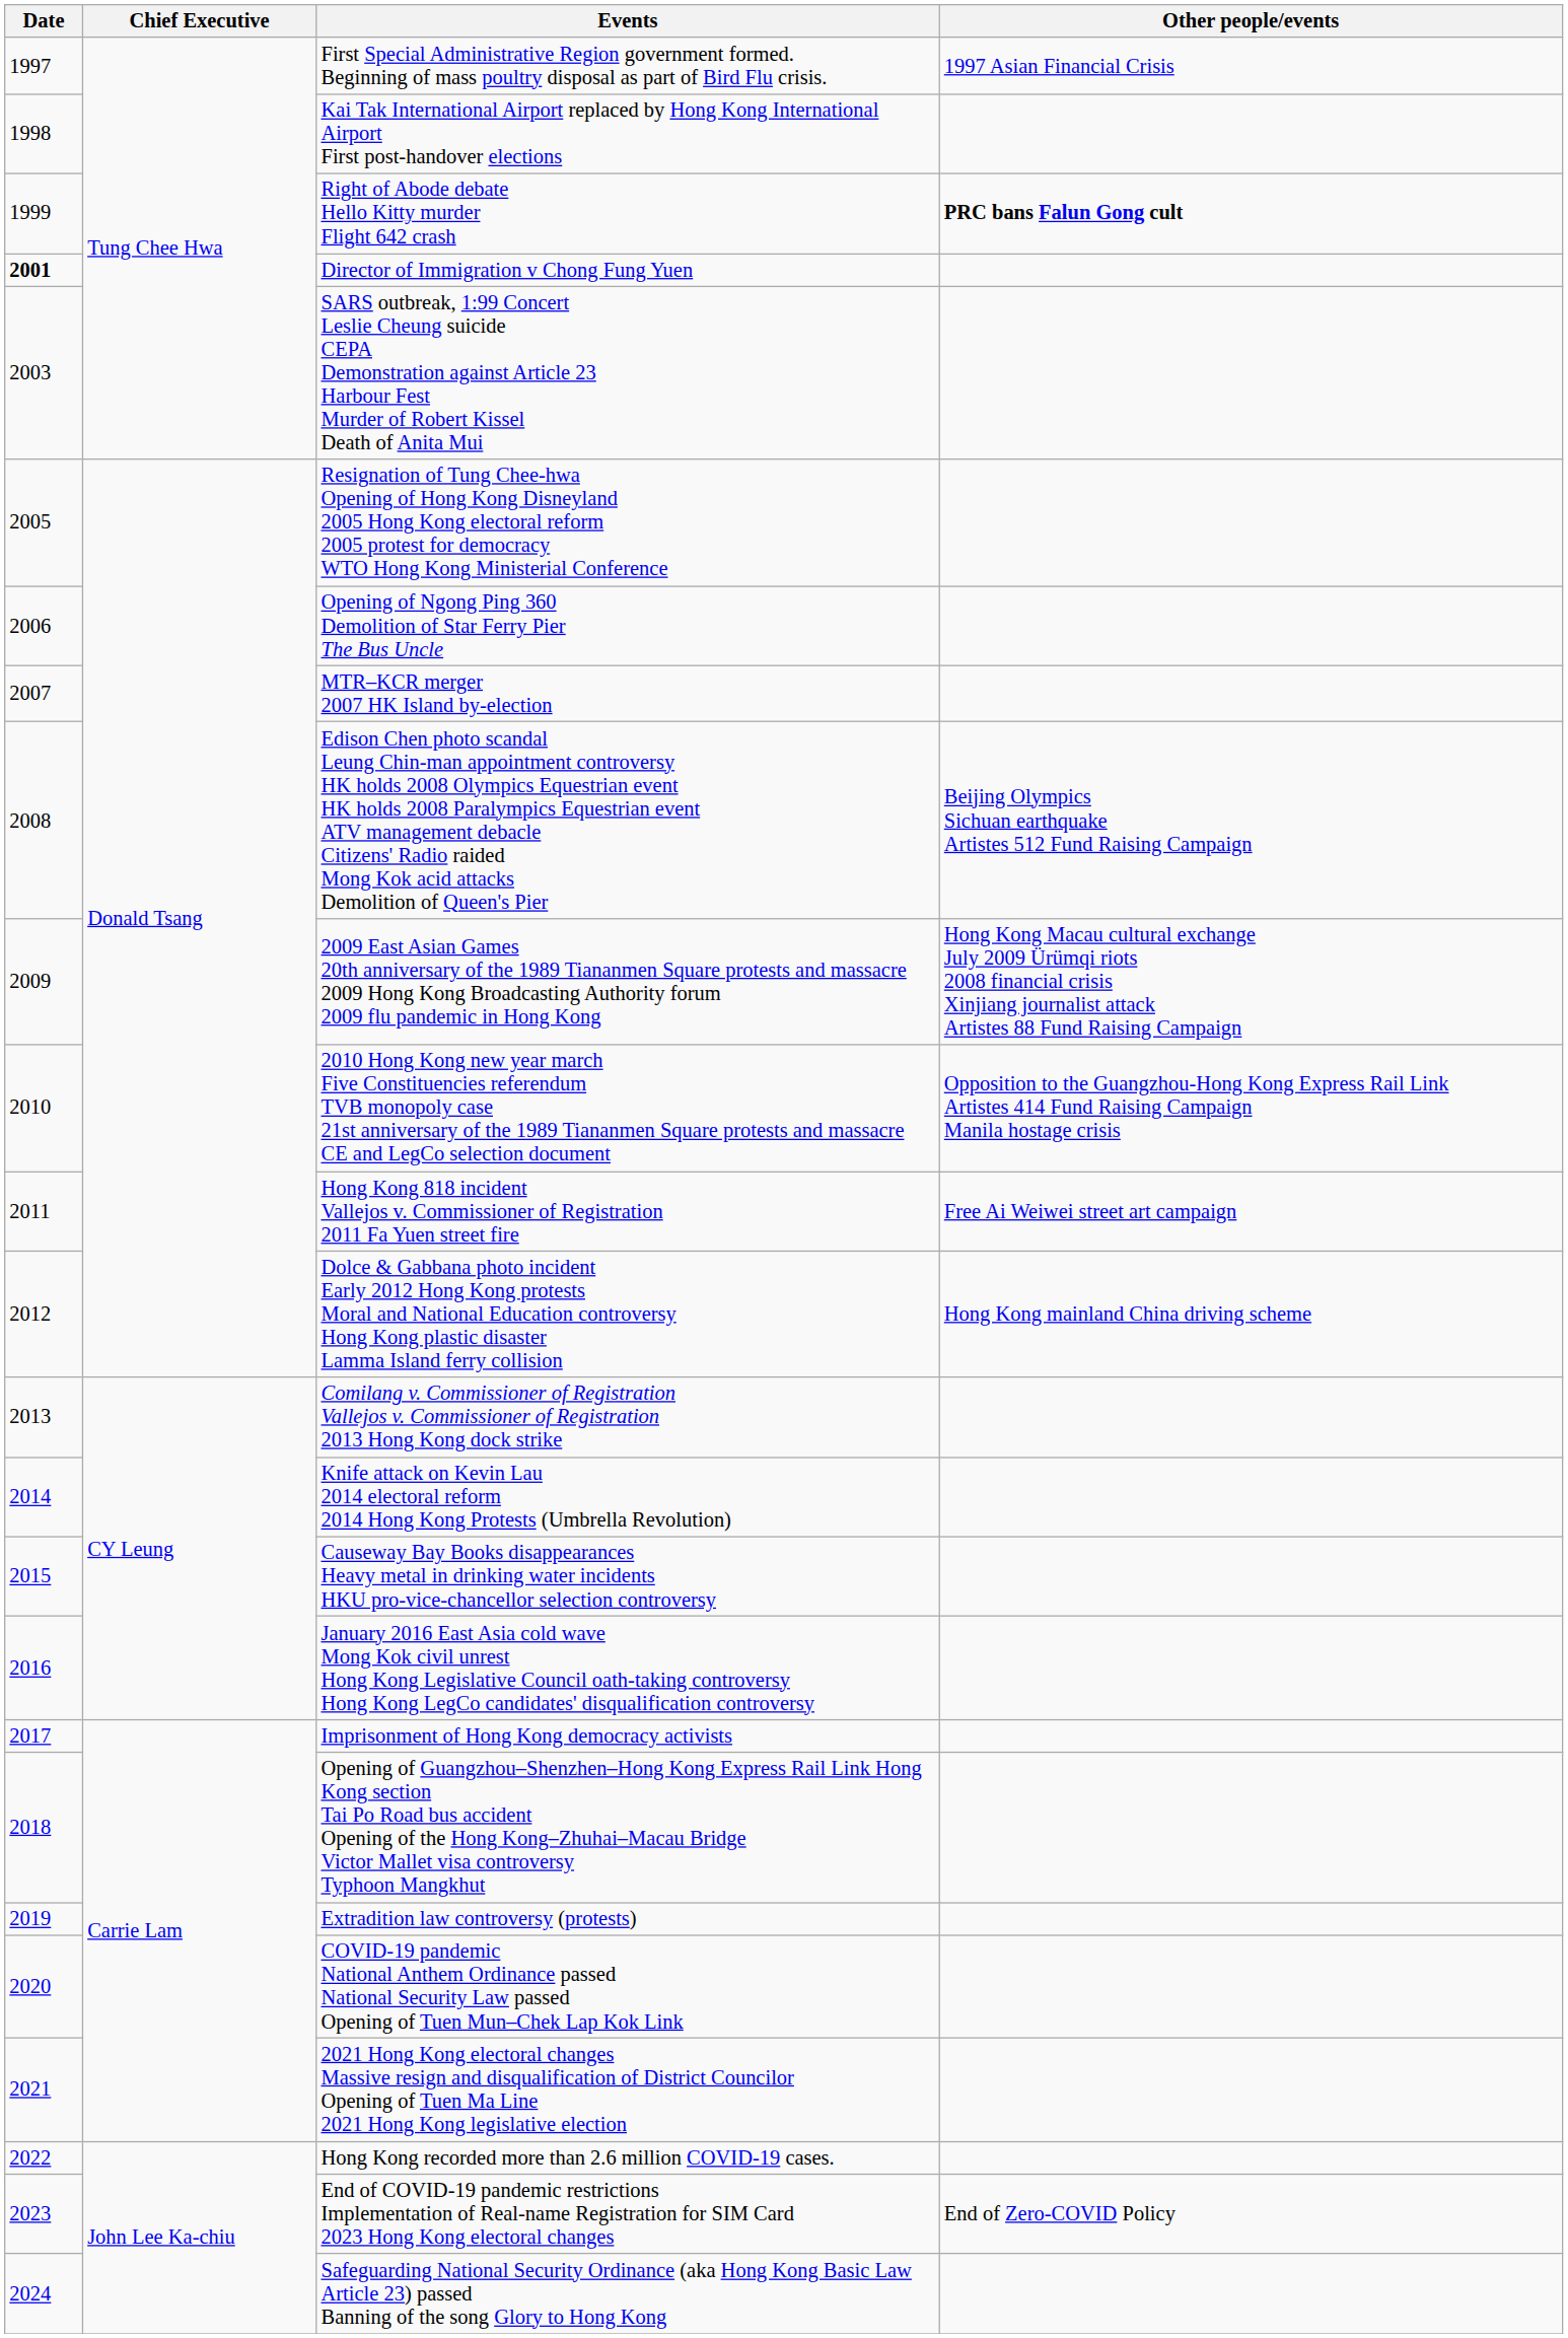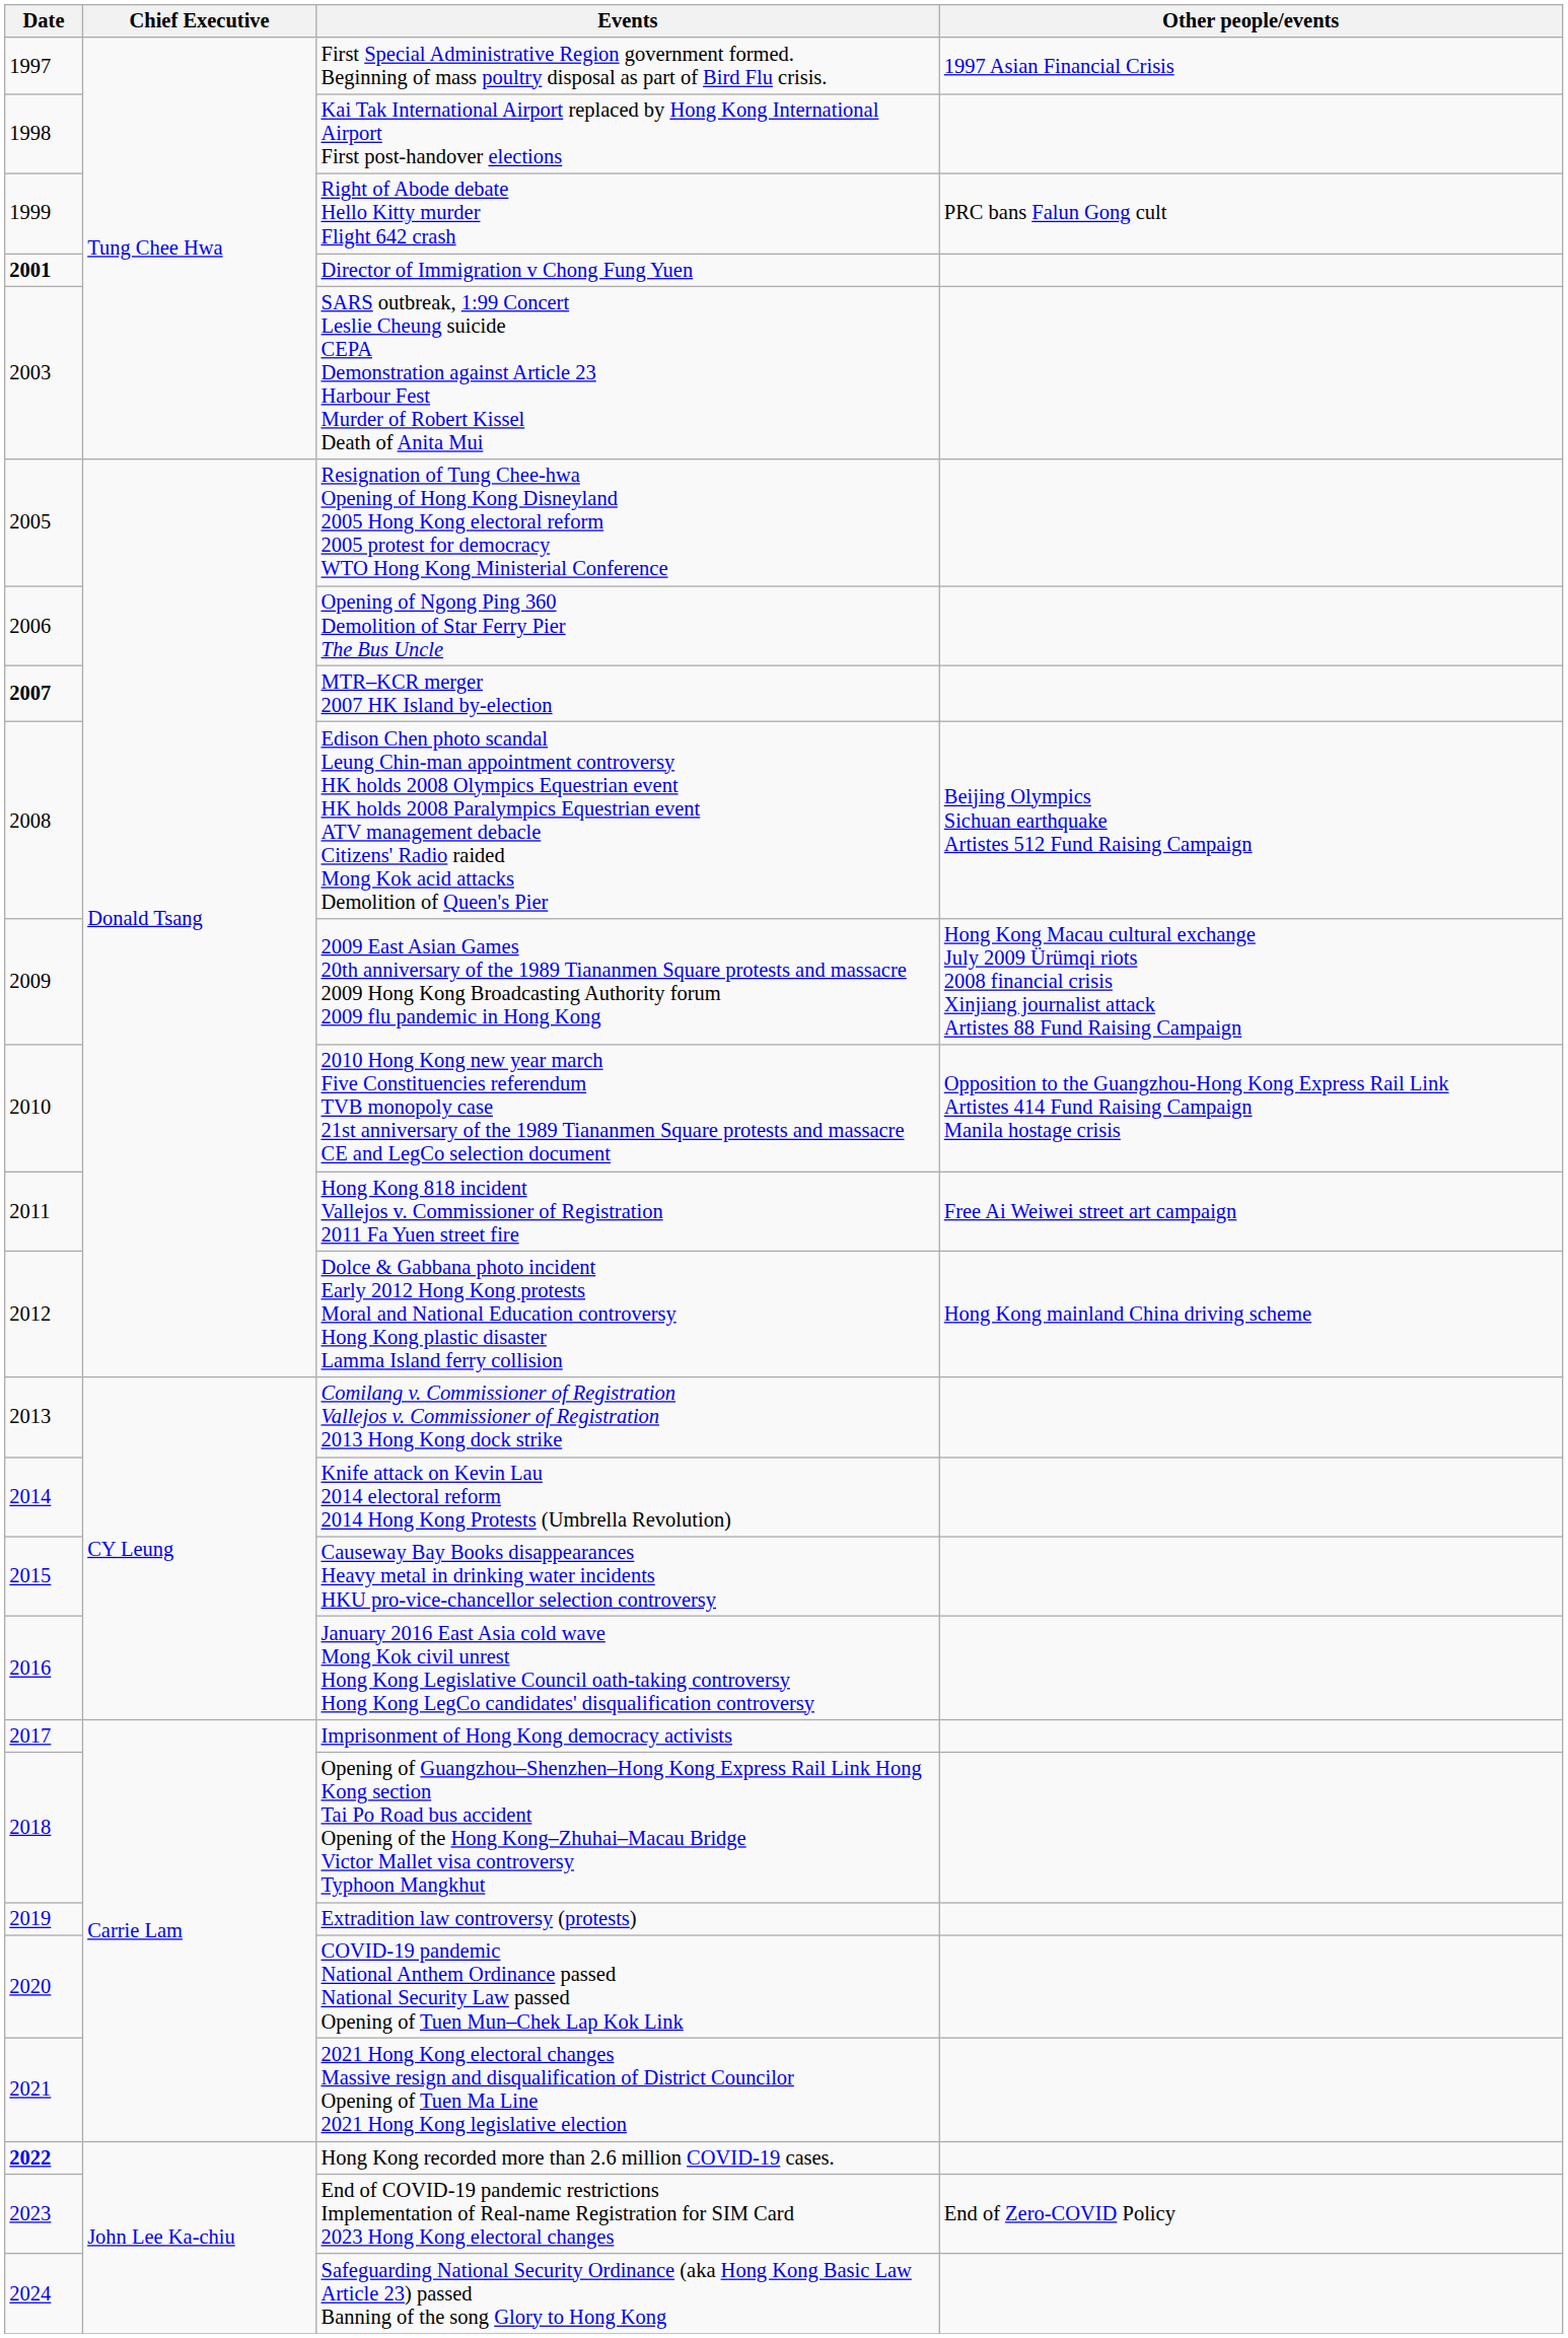 <table class="wikitable sortable" style="width:95%">
 <tr>
 <th width="5%">Date</th>
 <th width="15%">Chief Executive</th>
 <th width="40%">Events</th>
 <th width="40%">Other people/events</th>
 </tr>
 <tr>
 <td>1997</td>
 <td rowspan="5"><a href='#'>Tung Chee Hwa</a></td>
 <td>First <a href='#'>Special Administrative Region</a> government formed.<br>Beginning of mass <a href='#'>poultry</a> disposal as part of <a href='#'>Bird Flu</a> crisis.</td>
 <td><a href='#'>1997 Asian Financial Crisis</a></td>
 </tr>
 <tr>
 <td>1998</td>
 <td><a href='#'>Kai Tak International Airport</a> replaced by <a href='#'>Hong Kong International Airport</a><br>First post-handover <a href='#'>elections</a></td>
 <td></td>
 </tr>
 <tr>
 <td>1999</td>
 <td><a href='#'>Right of Abode debate</a><br><a href='#'>Hello Kitty murder</a><br><a href='#'>Flight 642 crash</a></td>
-<td><strong>PRC bans <a href='#'>Falun Gong</a> cult</strong></td>
+<td>PRC bans <a href='#'>Falun Gong</a> cult</td>
 </tr>
 <tr>
 <td><strong>2001</strong></td>
 <td><a href='#'>Director of Immigration v Chong Fung Yuen</a></td>
 <td></td>
 </tr>
 <tr>
 <td>2003</td>
 <td><a href='#'>SARS</a> outbreak, <a href='#'>1:99 Concert</a><br><a href='#'>Leslie Cheung</a> suicide<br><a href='#'>CEPA</a><br><a href='#'>Demonstration against Article 23</a><br><a href='#'>Harbour Fest</a><br><a href='#'>Murder of Robert Kissel</a><br>Death of <a href='#'>Anita Mui</a></td>
 <td></td>
 </tr>
 <tr>
 <td>2005</td>
 <td rowspan="8"><a href='#'>Donald Tsang</a></td>
 <td><a href='#'>Resignation of Tung Chee-hwa</a><br><a href='#'>Opening of Hong Kong Disneyland</a><br><a href='#'>2005 Hong Kong electoral reform</a><br><a href='#'>2005 protest for democracy</a><br><a href='#'>WTO Hong Kong Ministerial Conference</a></td>
 <td></td>
 </tr>
 <tr>
 <td>2006</td>
 <td><a href='#'>Opening of Ngong Ping 360</a><br><a href='#'>Demolition of Star Ferry Pier</a><br><em><a href='#'>The Bus Uncle</a></em></td>
 <td></td>
 </tr>
 <tr>
-<td>2007</td>
+<td><strong>2007</strong></td>
 <td><a href='#'>MTR–KCR merger</a><br><a href='#'>2007 HK Island by-election</a></td>
 <td></td>
 </tr>
 <tr>
 <td>2008</td>
 <td><a href='#'>Edison Chen photo scandal</a><br><a href='#'>Leung Chin-man appointment controversy</a><br><a href='#'>HK holds 2008 Olympics Equestrian event</a><br><a href='#'>HK holds 2008 Paralympics Equestrian event</a><br><a href='#'>ATV management debacle</a><br><a href='#'>Citizens' Radio</a> raided<br><a href='#'>Mong Kok acid attacks</a><br>Demolition of <a href='#'>Queen's Pier</a></td>
 <td><a href='#'>Beijing Olympics</a><br><a href='#'>Sichuan earthquake</a><br><a href='#'>Artistes 512 Fund Raising Campaign</a></td>
 </tr>
 <tr>
 <td>2009</td>
 <td><a href='#'>2009 East Asian Games</a><br><a href='#'>20th anniversary of the 1989 Tiananmen Square protests and massacre</a><br>2009 Hong Kong Broadcasting Authority forum<br><a href='#'>2009 flu pandemic in Hong Kong</a></td>
 <td><a href='#'>Hong Kong Macau cultural exchange</a><br><a href='#'>July 2009 Ürümqi riots</a><br><a href='#'>2008 financial crisis</a><br><a href='#'>Xinjiang journalist attack</a><br><a href='#'>Artistes 88 Fund Raising Campaign</a></td>
 </tr>
 <tr>
 <td>2010</td>
 <td><a href='#'>2010 Hong Kong new year march</a><br><a href='#'>Five Constituencies referendum</a><br><a href='#'>TVB monopoly case</a><br><a href='#'>21st anniversary of the 1989 Tiananmen Square protests and massacre</a><br><a href='#'>CE and LegCo selection document</a></td>
 <td><a href='#'>Opposition to the Guangzhou-Hong Kong Express Rail Link</a><br><a href='#'>Artistes 414 Fund Raising Campaign</a><br><a href='#'>Manila hostage crisis</a></td>
 </tr>
 <tr>
 <td>2011</td>
 <td><a href='#'>Hong Kong 818 incident</a><br><a href='#'>Vallejos v. Commissioner of Registration</a><br><a href='#'>2011 Fa Yuen street fire</a></td>
 <td><a href='#'>Free Ai Weiwei street art campaign</a></td>
 </tr>
 <tr>
 <td>2012</td>
 <td><a href='#'>Dolce & Gabbana photo incident</a><br><a href='#'>Early 2012 Hong Kong protests</a><br><a href='#'>Moral and National Education controversy</a><br><a href='#'>Hong Kong plastic disaster</a><br><a href='#'>Lamma Island ferry collision</a></td>
 <td><a href='#'>Hong Kong mainland China driving scheme</a></td>
 </tr>
 <tr>
 <td>2013</td>
 <td rowspan="4"><a href='#'>CY Leung</a></td>
 <td><em><a href='#'>Comilang v. Commissioner of Registration</a></em><br><em><a href='#'>Vallejos v. Commissioner of Registration</a></em><br><a href='#'>2013 Hong Kong dock strike</a></td>
 <td></td>
 </tr>
 <tr>
 <td><a href='#'>2014</a></td>
 <td><a href='#'>Knife attack on Kevin Lau</a><br><a href='#'>2014 electoral reform</a><br><a href='#'>2014 Hong Kong Protests</a> (Umbrella Revolution)</td>
 <td></td>
 </tr>
 <tr>
 <td><a href='#'>2015</a></td>
 <td><a href='#'>Causeway Bay Books disappearances</a><br><a href='#'>Heavy metal in drinking water incidents</a><br><a href='#'>HKU pro-vice-chancellor selection controversy</a></td>
 <td></td>
 </tr>
 <tr>
 <td><a href='#'>2016</a></td>
 <td><a href='#'>January 2016 East Asia cold wave</a><br><a href='#'>Mong Kok civil unrest</a><br><a href='#'>Hong Kong Legislative Council oath-taking controversy</a><br><a href='#'>Hong Kong LegCo candidates' disqualification controversy</a></td>
 <td></td>
 </tr>
 <tr>
 <td><a href='#'>2017</a></td>
 <td rowspan="5"><a href='#'>Carrie Lam</a></td>
 <td><a href='#'>Imprisonment of Hong Kong democracy activists</a></td>
 <td></td>
 </tr>
 <tr>
 <td><a href='#'>2018</a></td>
 <td>Opening of <a href='#'>Guangzhou–Shenzhen–Hong Kong Express Rail Link Hong Kong section</a><br><a href='#'>Tai Po Road bus accident</a><br>Opening of the <a href='#'>Hong Kong–Zhuhai–Macau Bridge</a><br><a href='#'>Victor Mallet visa controversy</a><br><a href='#'>Typhoon Mangkhut</a></td>
 <td></td>
 </tr>
 <tr>
 <td><a href='#'>2019</a></td>
 <td><a href='#'>Extradition law controversy</a> (<a href='#'>protests</a>)</td>
 <td></td>
 </tr>
 <tr>
 <td><a href='#'>2020</a></td>
 <td><a href='#'>COVID-19 pandemic</a><br><a href='#'>National Anthem Ordinance</a> passed <br><a href='#'>National Security Law</a> passed <br> Opening of <a href='#'>Tuen Mun–Chek Lap Kok Link</a></td>
 </tr>
 <tr>
 <td><a href='#'>2021</a></td>
 <td><a href='#'>2021 Hong Kong electoral changes</a> <br> <a href='#'>Massive resign and disqualification of District Councilor</a> <br> Opening of <a href='#'>Tuen Ma Line</a> <br> <a href='#'>2021 Hong Kong legislative election</a></td>
 <td></td>
 </tr>
 <tr>
-<td><a href='#'>2022</a></td>
+<td><strong><a href='#'>2022</a></strong></td>
 <td rowspan="3"><a href='#'>John Lee Ka-chiu</a></td>
 <td>Hong Kong recorded more than 2.6 million <a href='#'>COVID-19</a> cases.</td>
 <td></td>
 </tr>
 <tr>
 <td><a href='#'>2023</a></td>
 <td>End of COVID-19 pandemic restrictions <br> Implementation of Real-name Registration for SIM Card <br><a href='#'>2023 Hong Kong electoral changes</a></td>
 <td>End of <a href='#'>Zero-COVID</a> Policy</td>
 </tr>
 <tr>
 <td><a href='#'>2024</a></td>
 <td><a href='#'>Safeguarding National Security Ordinance</a> (aka <a href='#'>Hong Kong Basic Law Article 23</a>) passed  <br>Banning of the song <a href='#'>Glory to Hong Kong</a></td>
 <td></td>
 </tr>
 </table>
